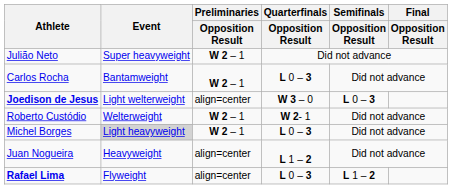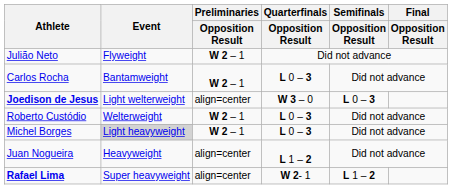 <table class="wikitable" style="font-size:90%">
 <tr>
 <th rowspan=2>Athlete</th>
 <th rowspan=2>Event</th>
 <th>Preliminaries</th>
 <th>Quarterfinals</th>
 <th>Semifinals</th>
 <th>Final</th>
 </tr>
 <tr>
 <th>Opposition<br>Result</th>
 <th>Opposition<br>Result</th>
 <th>Opposition<br>Result</th>
 <th>Opposition<br>Result</th>
 </tr>
 <tr>
 <td><a href='#'>Julião Neto</a></td>
-<td><a href='#'>Super heavyweight</a></td>
+<td><a href='#'>Flyweight</a></td>
 <td align=center><strong>W</strong> <strong>2</strong> – 1</td>
 <td align="center" colspan="4">Did not advance</td>
 </tr>
 <tr>
 <td><a href='#'>Carlos Rocha</a></td>
 <td><a href='#'>Bantamweight</a></td>
 <td align=center><br><strong>W</strong> <strong>2</strong> – 1</td>
 <td align=center><strong>L</strong> 0 – <strong>3</strong></td>
 <td align="center" colspan="4">Did not advance</td>
 </tr>
 <tr>
 <td><strong><a href='#'>Joedison de Jesus</a></strong></td>
 <td><a href='#'>Light welterweight</a></td>
 <td>align=center </td>
 <td align=center><strong>W</strong> <strong>3</strong> – 0</td>
 <td align=center><strong>L</strong> 0 – <strong>3</strong></td>
 <td align=center></td>
 </tr>
 <tr>
 <td><a href='#'>Roberto Custódio</a></td>
 <td><a href='#'>Welterweight</a></td>
 <td align=center><strong>W</strong> <strong>2</strong> – 1</td>
-<td align=center> <strong>W</strong> <strong>2</strong>- 1</td>
+<td align=center><strong>L</strong> 0 – <strong>3</strong></td>
 <td align="center" colspan="4">Did not advance</td>
 </tr>
 <tr>
 <td><a href='#'>Michel Borges</a></td>
 <td style="background: lightgrey;"><a href='#'>Light heavyweight</a></td>
 <td align=center> <strong>W</strong> <strong>2</strong> – 1</td>
 <td align=center><strong>L</strong> 0 – <strong>3</strong></td>
 <td align="center" colspan="4">Did not advance</td>
 </tr>
 <tr>
 <td><a href='#'>Juan Nogueira</a></td>
 <td><a href='#'>Heavyweight</a></td>
 <td>align=center </td>
 <td align=center> <br><strong>L</strong> 1 – <strong>2</strong></td>
 <td align="center" colspan="7">Did not advance</td>
 </tr>
 <tr>
 <td><strong><a href='#'>Rafael Lima</a></strong></td>
-<td><a href='#'>Flyweight</a></td>
+<td><a href='#'>Super heavyweight</a></td>
 <td>align=center </td>
-<td align=center><strong>L</strong> 0 – <strong>3</strong></td>
+<td align=center> <strong>W</strong> <strong>2</strong>- 1</td>
 <td align=center> <strong>L</strong> 1 – <strong>2</strong></td>
 <td align=center></td>
 </tr>
 </table>
